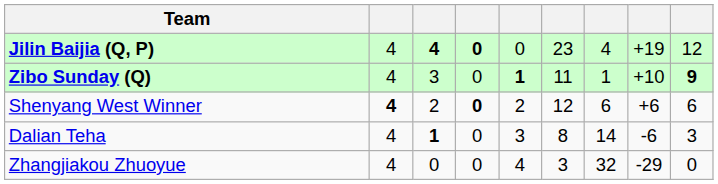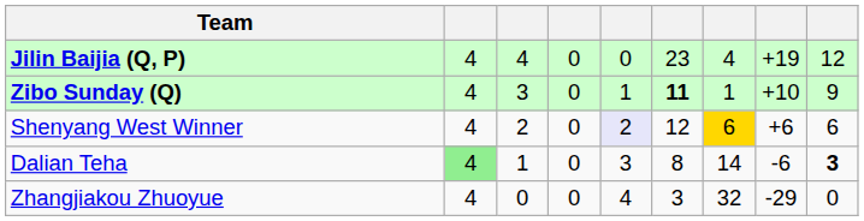 <table class="wikitable" style="text-align:center;">
 <tr>
 <th width=310>Team</th>
 <th width=30></th>
 <th width=30></th>
 <th width=30></th>
 <th width=30></th>
 <th width=30></th>
 <th width=30></th>
 <th width=30></th>
 <th width=30></th>
 </tr>
 <tr bgcolor="#ccffcc">
 <td align="left"><strong><a href='#'>Jilin Baijia</a> (Q, P)</strong></td>
 <td>4</td>
-<td><strong>4</strong></td>
-<td><strong>0</strong></td>
+<td>4</td>
+<td>0</td>
 <td>0</td>
 <td>23</td>
 <td>4</td>
 <td>+19</td>
 <td>12</td>
 </tr>
 <tr bgcolor="#ccffcc">
 <td align="left"><strong><a href='#'>Zibo Sunday</a> (Q)</strong></td>
 <td>4</td>
 <td>3</td>
 <td>0</td>
-<td><strong>1</strong></td>
-<td>11</td>
+<td>1</td>
+<td><strong>11</strong></td>
 <td>1</td>
 <td>+10</td>
-<td><strong>9</strong></td>
+<td>9</td>
 </tr>
 <tr>
 <td align="left"><a href='#'>Shenyang West Winner</a></td>
-<td><strong>4</strong></td>
+<td>4</td>
 <td>2</td>
-<td><strong>0</strong></td>
-<td>2</td>
+<td>0</td>
+<td style="background: lavender;">2</td>
 <td>12</td>
-<td>6</td>
+<td style="background: gold;">6</td>
 <td>+6</td>
 <td>6</td>
 </tr>
 <tr>
 <td align="left"><a href='#'>Dalian Teha</a></td>
-<td>4</td>
-<td><strong>1</strong></td>
+<td style="background: lightgreen;">4</td>
+<td>1</td>
 <td>0</td>
 <td>3</td>
 <td>8</td>
 <td>14</td>
 <td>-6</td>
-<td>3</td>
+<td><strong>3</strong></td>
 </tr>
 <tr>
 <td align="left"><a href='#'>Zhangjiakou Zhuoyue</a></td>
 <td>4</td>
 <td>0</td>
 <td>0</td>
 <td>4</td>
 <td>3</td>
 <td>32</td>
 <td>-29</td>
 <td>0</td>
 </tr>
 </table>
